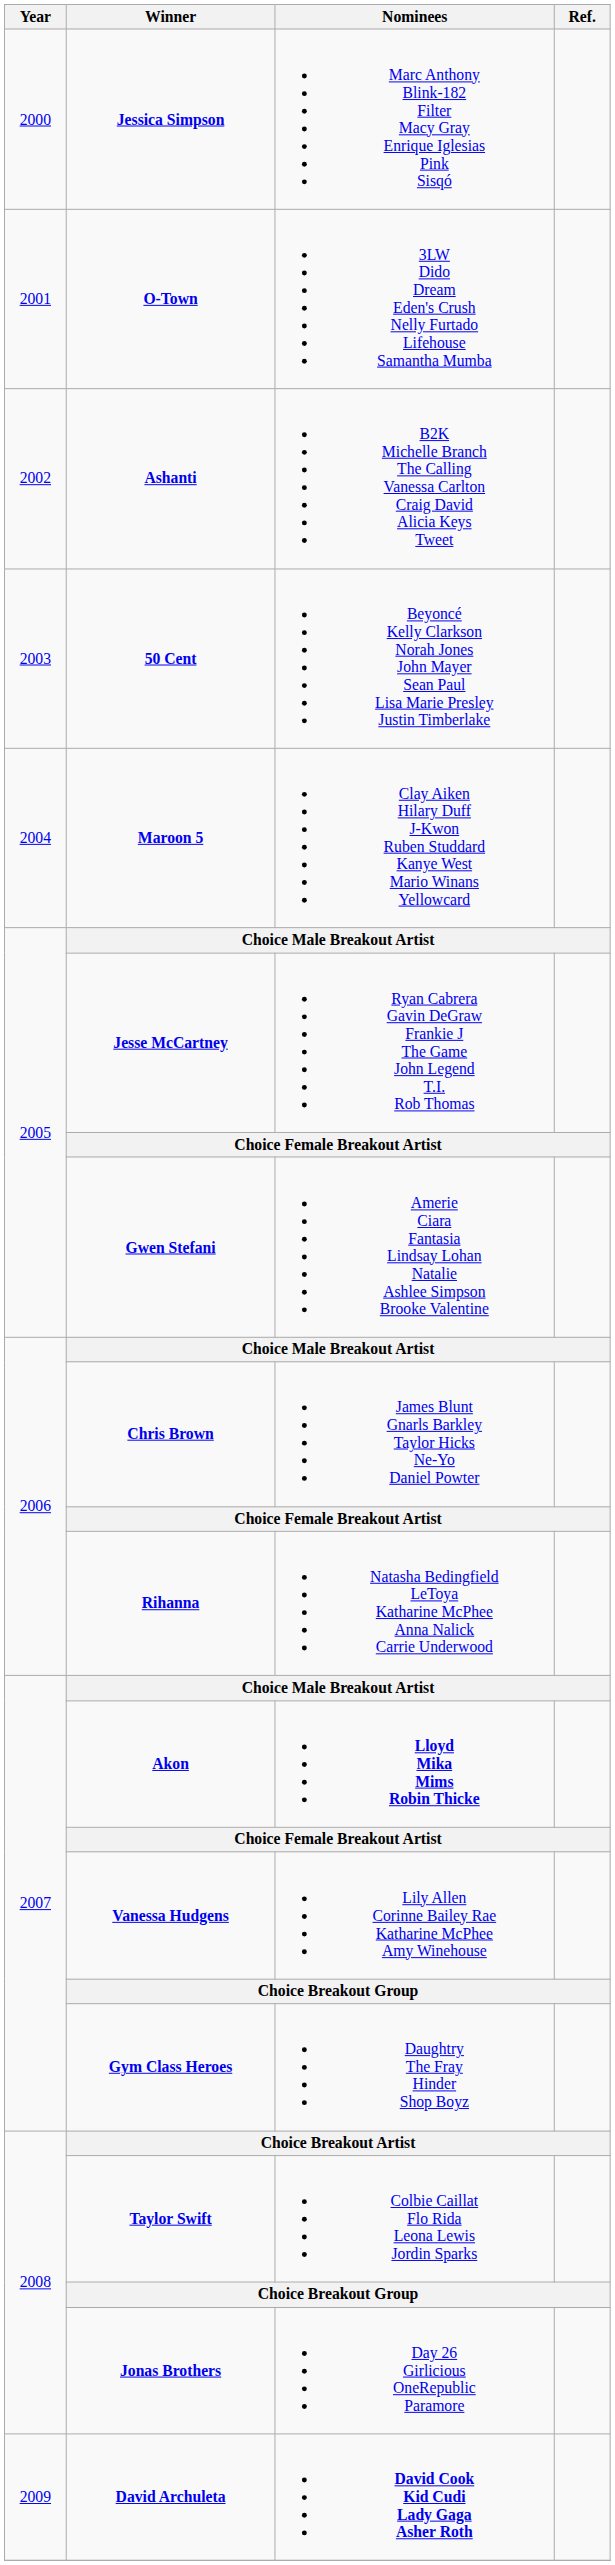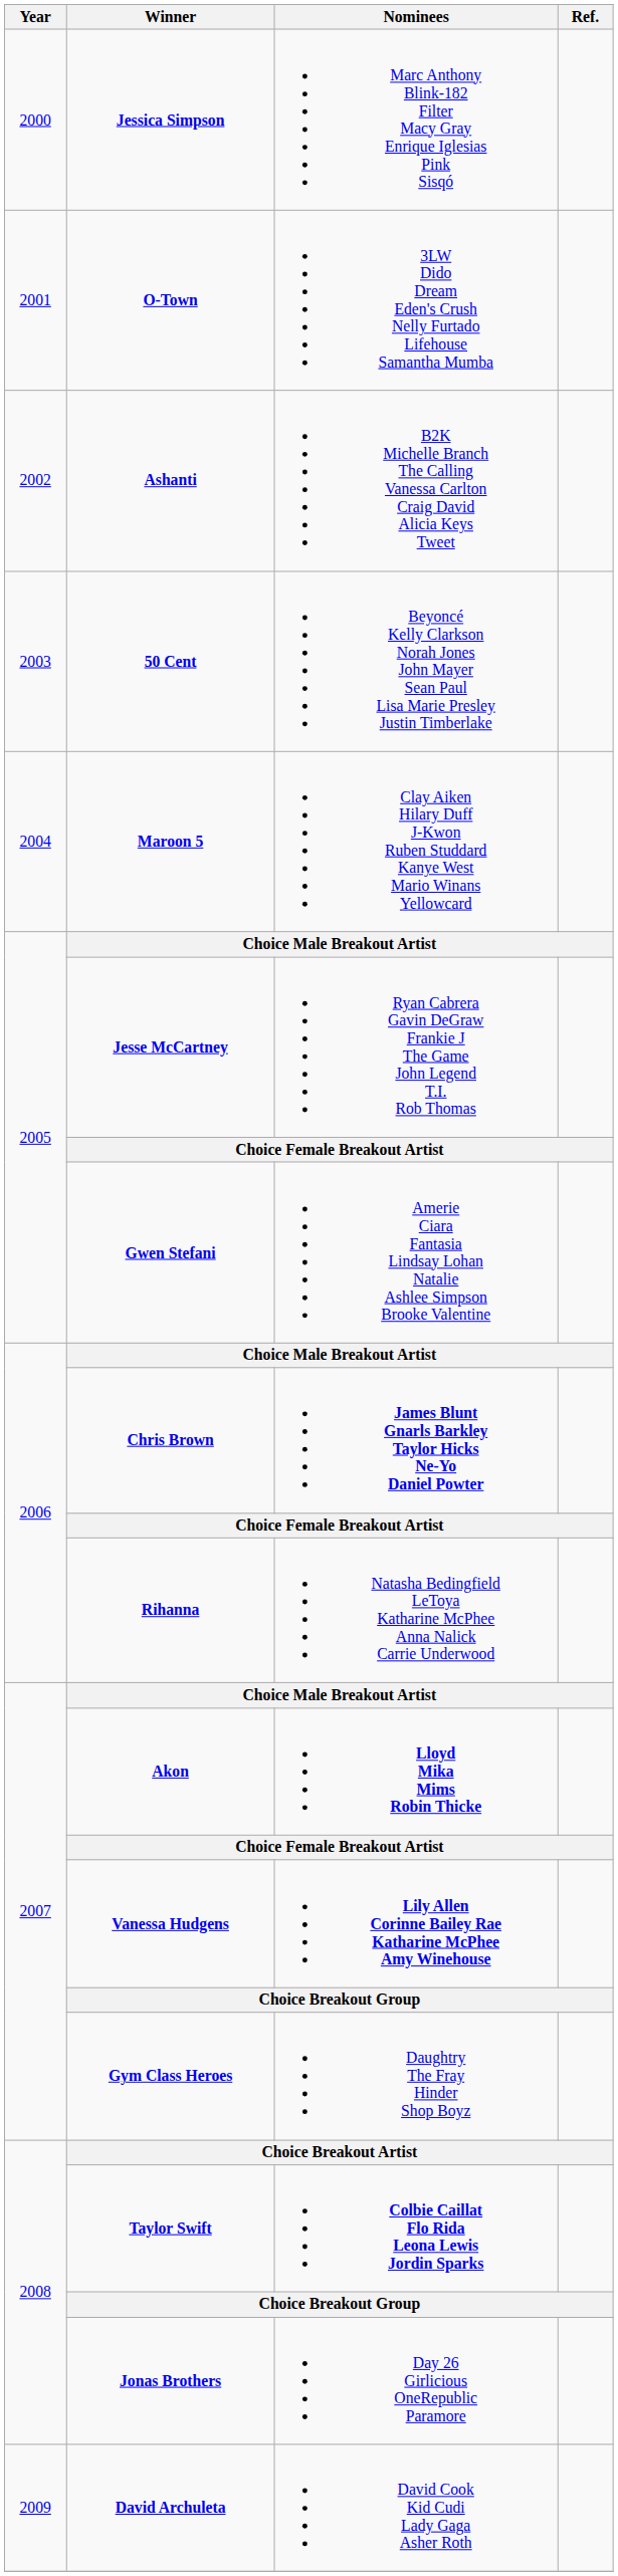 <table class="wikitable" width=70% style=text-align:center;">
 <tr>
 <th>Year</th>
 <th>Winner</th>
 <th>Nominees</th>
 <th>Ref.</th>
 </tr>
 <tr>
 <td><a href='#'>2000</a></td>
 <td><strong><a href='#'>Jessica Simpson</a></strong></td>
 <td><br><ul><li><a href='#'>Marc Anthony</a></li><li><a href='#'>Blink-182</a></li><li><a href='#'>Filter</a></li><li><a href='#'>Macy Gray</a></li><li><a href='#'>Enrique Iglesias</a></li><li><a href='#'>Pink</a></li><li><a href='#'>Sisqó</a></li></ul></td>
 <td></td>
 </tr>
 <tr>
 <td><a href='#'>2001</a></td>
 <td><strong><a href='#'>O-Town</a></strong></td>
 <td><br><ul><li><a href='#'>3LW</a></li><li><a href='#'>Dido</a></li><li><a href='#'>Dream</a></li><li><a href='#'>Eden's Crush</a></li><li><a href='#'>Nelly Furtado</a></li><li><a href='#'>Lifehouse</a></li><li><a href='#'>Samantha Mumba</a></li></ul></td>
 <td></td>
 </tr>
 <tr>
 <td><a href='#'>2002</a></td>
 <td><strong><a href='#'>Ashanti</a></strong></td>
 <td><br><ul><li><a href='#'>B2K</a></li><li><a href='#'>Michelle Branch</a></li><li><a href='#'>The Calling</a></li><li><a href='#'>Vanessa Carlton</a></li><li><a href='#'>Craig David</a></li><li><a href='#'>Alicia Keys</a></li><li><a href='#'>Tweet</a></li></ul></td>
 <td></td>
 </tr>
 <tr>
 <td><a href='#'>2003</a></td>
 <td><strong><a href='#'>50 Cent</a></strong></td>
 <td><br><ul><li><a href='#'>Beyoncé</a></li><li><a href='#'>Kelly Clarkson</a></li><li><a href='#'>Norah Jones</a></li><li><a href='#'>John Mayer</a></li><li><a href='#'>Sean Paul</a></li><li><a href='#'>Lisa Marie Presley</a></li><li><a href='#'>Justin Timberlake</a></li></ul></td>
 <td></td>
 </tr>
 <tr>
 <td><a href='#'>2004</a></td>
 <td><strong><a href='#'>Maroon 5</a></strong></td>
 <td><br><ul><li><a href='#'>Clay Aiken</a></li><li><a href='#'>Hilary Duff</a></li><li><a href='#'>J-Kwon</a></li><li><a href='#'>Ruben Studdard</a></li><li><a href='#'>Kanye West</a></li><li><a href='#'>Mario Winans</a></li><li><a href='#'>Yellowcard</a></li></ul></td>
 <td></td>
 </tr>
 <tr>
 <td rowspan="4"><a href='#'>2005</a></td>
 <th colspan="3">Choice Male Breakout Artist</th>
 </tr>
 <tr>
 <td><strong><a href='#'>Jesse McCartney</a></strong></td>
 <td><br><ul><li><a href='#'>Ryan Cabrera</a></li><li><a href='#'>Gavin DeGraw</a></li><li><a href='#'>Frankie J</a></li><li><a href='#'>The Game</a></li><li><a href='#'>John Legend</a></li><li><a href='#'>T.I.</a></li><li><a href='#'>Rob Thomas</a></li></ul></td>
 <td></td>
 </tr>
 <tr>
 <th colspan="3">Choice Female Breakout Artist</th>
 </tr>
 <tr>
 <td><strong><a href='#'>Gwen Stefani</a></strong></td>
 <td><br><ul><li><a href='#'>Amerie</a></li><li><a href='#'>Ciara</a></li><li><a href='#'>Fantasia</a></li><li><a href='#'>Lindsay Lohan</a></li><li><a href='#'>Natalie</a></li><li><a href='#'>Ashlee Simpson</a></li><li><a href='#'>Brooke Valentine</a></li></ul></td>
 <td></td>
 </tr>
 <tr>
 <td rowspan="4"><a href='#'>2006</a></td>
 <th colspan="3">Choice Male Breakout Artist</th>
 </tr>
 <tr>
 <td><strong><a href='#'>Chris Brown</a></strong></td>
-<td><br><ul><li><a href='#'>James Blunt</a></li><li><a href='#'>Gnarls Barkley</a></li><li><a href='#'>Taylor Hicks</a></li><li><a href='#'>Ne-Yo</a></li><li><a href='#'>Daniel Powter</a></li></ul></td>
+<td><strong><br><ul><li><a href='#'>James Blunt</a></li><li><a href='#'>Gnarls Barkley</a></li><li><a href='#'>Taylor Hicks</a></li><li><a href='#'>Ne-Yo</a></li><li><a href='#'>Daniel Powter</a></li></ul></strong></td>
 <td></td>
 </tr>
 <tr>
 <th colspan="3">Choice Female Breakout Artist</th>
 </tr>
 <tr>
 <td><strong><a href='#'>Rihanna</a></strong></td>
 <td><br><ul><li><a href='#'>Natasha Bedingfield</a></li><li><a href='#'>LeToya</a></li><li><a href='#'>Katharine McPhee</a></li><li><a href='#'>Anna Nalick</a></li><li><a href='#'>Carrie Underwood</a></li></ul></td>
 <td></td>
 </tr>
 <tr>
 <td rowspan="6"><a href='#'>2007</a></td>
 <th colspan="3">Choice Male Breakout Artist</th>
 </tr>
 <tr>
 <td><strong><a href='#'>Akon</a></strong></td>
 <td><strong><br><ul><li><a href='#'>Lloyd</a></li><li><a href='#'>Mika</a></li><li><a href='#'>Mims</a></li><li><a href='#'>Robin Thicke</a></li></ul></strong></td>
 <td></td>
 </tr>
 <tr>
 <th colspan="3">Choice Female Breakout Artist</th>
 </tr>
 <tr>
 <td><strong><a href='#'>Vanessa Hudgens</a></strong></td>
-<td><br><ul><li><a href='#'>Lily Allen</a></li><li><a href='#'>Corinne Bailey Rae</a></li><li><a href='#'>Katharine McPhee</a></li><li><a href='#'>Amy Winehouse</a></li></ul></td>
+<td><strong><br><ul><li><a href='#'>Lily Allen</a></li><li><a href='#'>Corinne Bailey Rae</a></li><li><a href='#'>Katharine McPhee</a></li><li><a href='#'>Amy Winehouse</a></li></ul></strong></td>
 <td></td>
 </tr>
 <tr>
 <th colspan="3">Choice Breakout Group</th>
 </tr>
 <tr>
 <td><strong><a href='#'>Gym Class Heroes</a></strong></td>
 <td><br><ul><li><a href='#'>Daughtry</a></li><li><a href='#'>The Fray</a></li><li><a href='#'>Hinder</a></li><li><a href='#'>Shop Boyz</a></li></ul></td>
 <td></td>
 </tr>
 <tr>
 <td rowspan="4"><a href='#'>2008</a></td>
 <th colspan="3">Choice Breakout Artist</th>
 </tr>
 <tr>
 <td><strong><a href='#'>Taylor Swift</a></strong></td>
-<td><br><ul><li><a href='#'>Colbie Caillat</a></li><li><a href='#'>Flo Rida</a></li><li><a href='#'>Leona Lewis</a></li><li><a href='#'>Jordin Sparks</a></li></ul></td>
+<td><strong><br><ul><li><a href='#'>Colbie Caillat</a></li><li><a href='#'>Flo Rida</a></li><li><a href='#'>Leona Lewis</a></li><li><a href='#'>Jordin Sparks</a></li></ul></strong></td>
 <td></td>
 </tr>
 <tr>
 <th colspan="3">Choice Breakout Group</th>
 </tr>
 <tr>
 <td><strong><a href='#'>Jonas Brothers</a></strong></td>
 <td><br><ul><li><a href='#'>Day 26</a></li><li><a href='#'>Girlicious</a></li><li><a href='#'>OneRepublic</a></li><li><a href='#'>Paramore</a></li></ul></td>
 <td></td>
 </tr>
 <tr>
 <td><a href='#'>2009</a></td>
 <td><strong><a href='#'>David Archuleta</a></strong></td>
-<td><strong><br><ul><li><a href='#'>David Cook</a></li><li><a href='#'>Kid Cudi</a></li><li><a href='#'>Lady Gaga</a></li><li><a href='#'>Asher Roth</a></li></ul></strong></td>
+<td><br><ul><li><a href='#'>David Cook</a></li><li><a href='#'>Kid Cudi</a></li><li><a href='#'>Lady Gaga</a></li><li><a href='#'>Asher Roth</a></li></ul></td>
 <td></td>
 </tr>
 <tr>
 </tr>
 </table>
